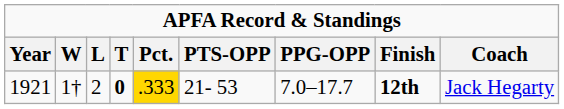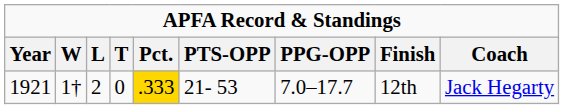 <table class="wikitable">
 <tr>
 <td colspan="9" align="center"><strong>APFA Record & Standings</strong></td>
 </tr>
 <tr>
 <th>Year</th>
 <th>W</th>
 <th>L</th>
 <th>T</th>
 <th>Pct.</th>
 <th>PTS-OPP</th>
 <th>PPG-OPP</th>
 <th>Finish</th>
 <th>Coach</th>
 </tr>
 <tr>
 <td>1921</td>
 <td>1†</td>
 <td>2</td>
-<td><strong>0</strong></td>
+<td>0</td>
 <td style="background: gold;">.333</td>
 <td>21- 53</td>
 <td>7.0–17.7</td>
-<td><strong>12th</strong></td>
+<td>12th</td>
 <td><a href='#'>Jack Hegarty</a></td>
 </tr>
 </table>
